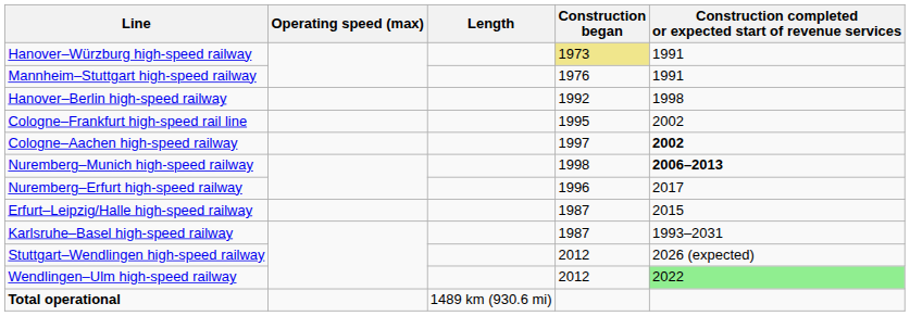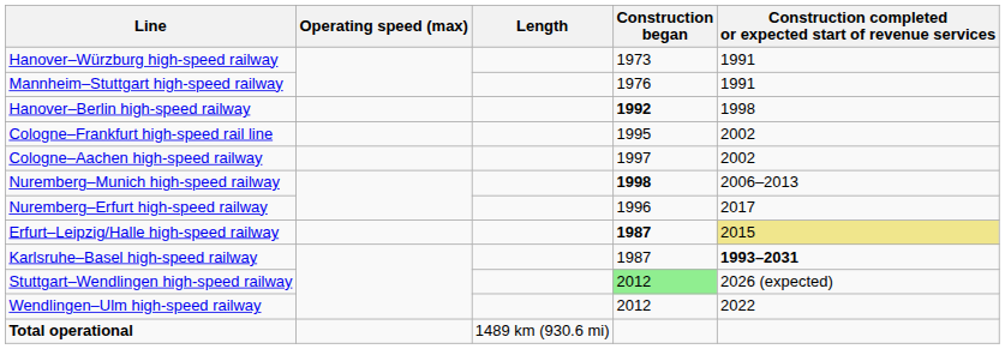 <table class="wikitable sortable">
 <tr>
 <th>Line</th>
 <th>Operating speed (max)</th>
 <th>Length</th>
 <th>Construction<br>began</th>
 <th>Construction completed<br>or expected start of revenue services</th>
 </tr>
 <tr>
 <td><a href='#'>Hanover–Würzburg high-speed railway</a></td>
 <td rowspan="2"></td>
 <td></td>
-<td style="background: khaki;">1973</td>
+<td>1973</td>
 <td>1991</td>
 </tr>
 <tr>
 <td><a href='#'>Mannheim–Stuttgart high-speed railway</a></td>
 <td></td>
 <td>1976</td>
 <td>1991</td>
 </tr>
 <tr>
 <td><a href='#'>Hanover–Berlin high-speed railway</a></td>
 <td></td>
 <td></td>
-<td>1992</td>
+<td><strong>1992</strong></td>
 <td>1998</td>
 </tr>
 <tr>
 <td><a href='#'>Cologne–Frankfurt high-speed rail line</a></td>
 <td></td>
 <td></td>
 <td>1995</td>
 <td>2002</td>
 </tr>
 <tr>
 <td><a href='#'>Cologne–Aachen high-speed railway</a></td>
 <td></td>
 <td></td>
 <td>1997</td>
-<td><strong>2002</strong></td>
+<td>2002</td>
 </tr>
 <tr>
 <td><a href='#'>Nuremberg–Munich high-speed railway</a></td>
 <td rowspan="2"></td>
 <td></td>
-<td>1998</td>
-<td><strong>2006–2013</strong></td>
+<td><strong>1998</strong></td>
+<td>2006–2013</td>
 </tr>
 <tr>
 <td><a href='#'>Nuremberg–Erfurt high-speed railway</a></td>
 <td></td>
 <td>1996</td>
 <td>2017</td>
 </tr>
 <tr>
 <td><a href='#'>Erfurt–Leipzig/Halle high-speed railway</a></td>
 <td></td>
 <td></td>
-<td>1987</td>
-<td>2015</td>
+<td><strong>1987</strong></td>
+<td style="background: khaki;">2015</td>
 </tr>
 <tr>
 <td><a href='#'>Karlsruhe–Basel high-speed railway</a></td>
 <td rowspan="3"></td>
 <td></td>
 <td>1987</td>
-<td>1993–2031</td>
+<td><strong>1993–2031</strong></td>
 </tr>
 <tr>
 <td><a href='#'>Stuttgart–Wendlingen high-speed railway</a></td>
 <td></td>
-<td>2012</td>
+<td style="background: lightgreen;">2012</td>
 <td>2026 (expected)</td>
 </tr>
 <tr>
 <td><a href='#'>Wendlingen–Ulm high-speed railway</a></td>
 <td></td>
 <td>2012</td>
-<td style="background: lightgreen;">2022</td>
+<td>2022</td>
 </tr>
 <tr>
 <td><strong>Total operational</strong></td>
 <td></td>
 <td>1489 km (930.6 mi)</td>
 <td></td>
 <td></td>
 </tr>
 </table>
